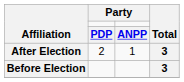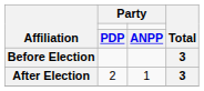 <table class=wikitable style="text-align:center">
 <tr style="vertical-align:bottom;">
 <th rowspan=3>Affiliation</th>
 <th colspan=2>Party</th>
 <th rowspan=3>Total</th>
 </tr>
 <tr>
 <td style="background-color:"></td>
 <td style="background-color:"></td>
 </tr>
 <tr>
 <th><a href='#'>PDP</a></th>
 <th><a href='#'>ANPP</a></th>
 </tr>
 <tr>
+<th>Before Election</th>
+<td></td>
+<td></td>
+<th>3</th>
+</tr>
+<tr>
 <th>After Election</th>
 <td>2</td>
 <td>1</td>
 <th>3</th>
 </tr>
 <tr>
-<th>Before Election</th>
-<td></td>
-<td></td>
-<th>3</th>
-</tr>
-<tr>
 </tr>
 </table>
